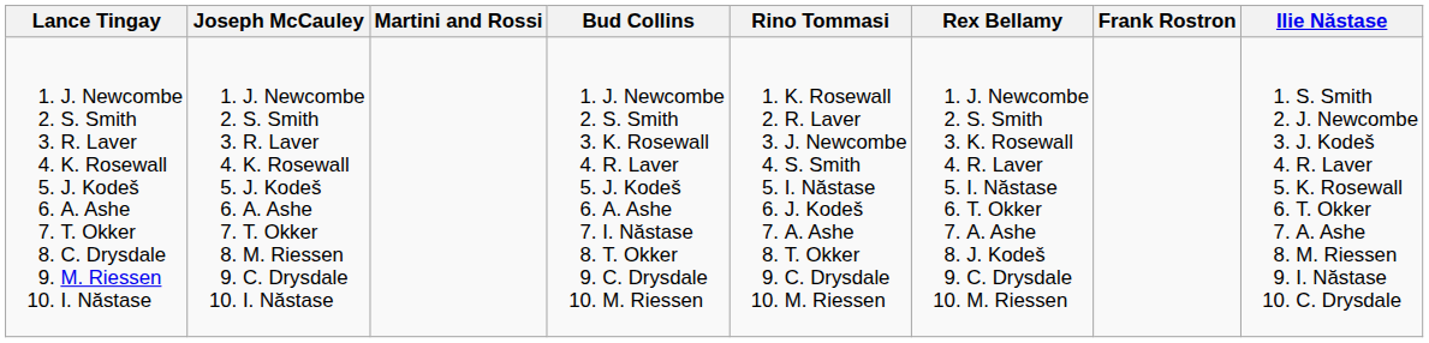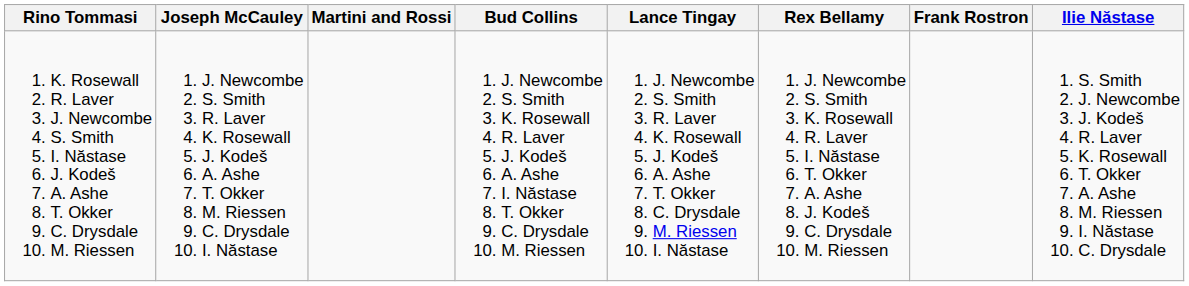 <table class="wikitable">
 <tr>
-<th>Lance Tingay</th>
+<th>Rino Tommasi</th>
 <th>Joseph McCauley</th>
 <th>Martini and Rossi</th>
 <th>Bud Collins</th>
-<th>Rino Tommasi</th>
+<th>Lance Tingay</th>
 <th>Rex Bellamy</th>
 <th>Frank Rostron<em></em></th>
 <th><a href='#'>Ilie Năstase</a><em></em></th>
 </tr>
 <tr style="vertical-align: top;">
-<td style="white-space: nowrap;"><br><ol><li> J. Newcombe</li><li> S. Smith</li><li> R. Laver</li><li> K. Rosewall</li><li> J. Kodeš</li><li> A. Ashe</li><li> T. Okker</li><li> C. Drysdale</li><li> <a href='#'>M. Riessen</a></li><li> I. Năstase</li></ol></td>
+<td style="white-space: nowrap;"><br><ol><li> K. Rosewall</li><li> R. Laver</li><li> J. Newcombe</li><li> S. Smith</li><li> I. Năstase</li><li> J. Kodeš</li><li> A. Ashe</li><li> T. Okker</li><li> C. Drysdale</li><li> M. Riessen</li></ol></td>
 <td style="white-space: nowrap;"><br><ol><li> J. Newcombe</li><li> S. Smith</li><li> R. Laver</li><li> K. Rosewall</li><li> J. Kodeš</li><li> A. Ashe</li><li> T. Okker</li><li> M. Riessen</li><li> C. Drysdale</li><li> I. Năstase</li></ol></td>
 <td></td>
 <td style="white-space: nowrap;"><br><ol><li> J. Newcombe</li><li> S. Smith</li><li> K. Rosewall</li><li> R. Laver</li><li> J. Kodeš</li><li> A. Ashe</li><li> I. Năstase</li><li> T. Okker</li><li> C. Drysdale</li><li> M. Riessen</li></ol></td>
-<td style="white-space: nowrap;"><br><ol><li> K. Rosewall</li><li> R. Laver</li><li> J. Newcombe</li><li> S. Smith</li><li> I. Năstase</li><li> J. Kodeš</li><li> A. Ashe</li><li> T. Okker</li><li> C. Drysdale</li><li> M. Riessen</li></ol></td>
+<td style="white-space: nowrap;"><br><ol><li> J. Newcombe</li><li> S. Smith</li><li> R. Laver</li><li> K. Rosewall</li><li> J. Kodeš</li><li> A. Ashe</li><li> T. Okker</li><li> C. Drysdale</li><li> <a href='#'>M. Riessen</a></li><li> I. Năstase</li></ol></td>
 <td style="white-space: nowrap;"><br><ol><li> J. Newcombe</li><li> S. Smith</li><li> K. Rosewall</li><li> R. Laver</li><li> I. Năstase</li><li> T. Okker</li><li> A. Ashe</li><li> J. Kodeš</li><li> C. Drysdale</li><li> M. Riessen</li></ol></td>
 <td style="white-space: nowrap;"><br></td>
 <td style="white-space: nowrap;"><br><ol><li> S. Smith</li><li> J. Newcombe</li><li> J. Kodeš</li><li> R. Laver</li><li> K. Rosewall</li><li> T. Okker</li><li> A. Ashe</li><li> M. Riessen</li><li> I. Năstase</li><li> C. Drysdale</li></ol></td>
 </tr>
 </table>
